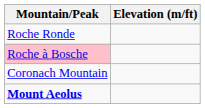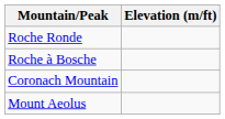 <table class="wikitable">
 <tr>
 <th>Mountain/Peak</th>
 <th colspan=2>Elevation (m/ft)</th>
 </tr>
 <tr>
 <td><a href='#'>Roche Ronde</a></td>
 <td></td>
 </tr>
 <tr>
-<td style="background: pink;"><a href='#'>Roche à Bosche</a></td>
+<td><a href='#'>Roche à Bosche</a></td>
 <td></td>
 </tr>
 <tr>
 <td><a href='#'>Coronach Mountain</a></td>
 <td></td>
 </tr>
 <tr>
-<td><strong><a href='#'>Mount Aeolus</a></strong></td>
+<td><a href='#'>Mount Aeolus</a></td>
 <td></td>
 </tr>
 </table>
